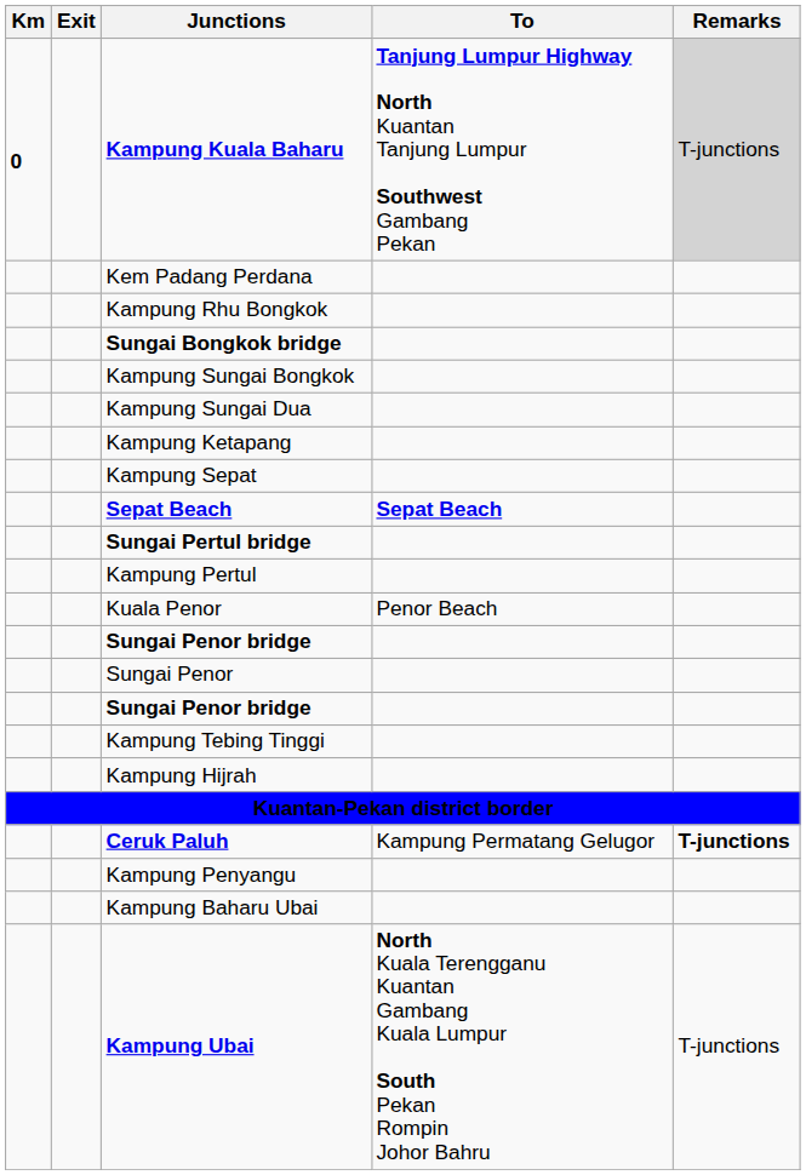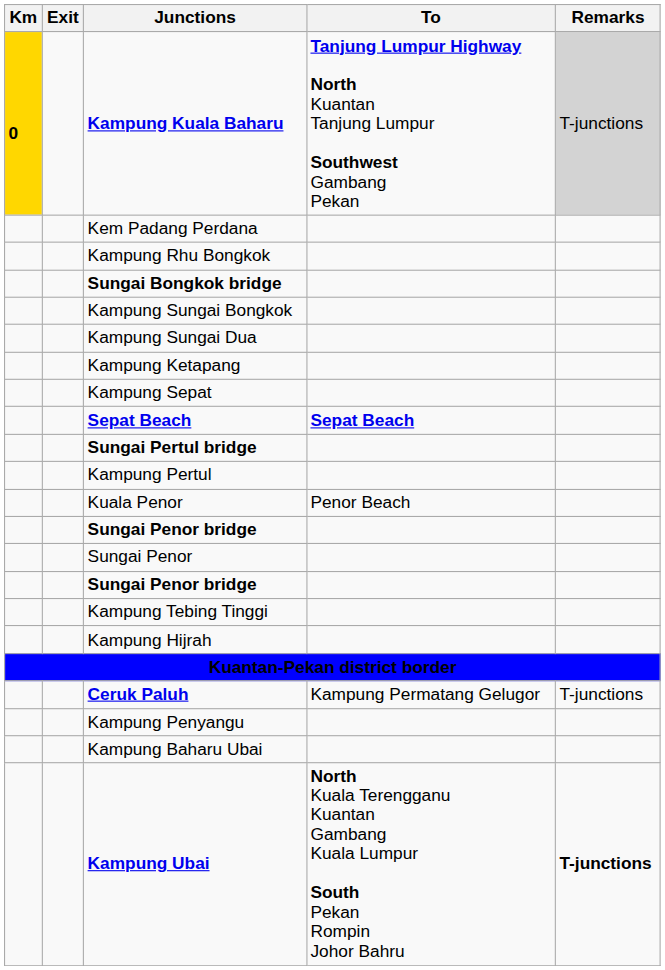 <table class="wikitable">
 <tr>
 <th>Km</th>
 <th>Exit</th>
 <th>Junctions</th>
 <th>To</th>
 <th>Remarks</th>
 </tr>
 <tr>
-<td><br><strong>0</strong></td>
+<td style="background: gold;"><br><strong>0</strong></td>
 <td></td>
 <td><strong><a href='#'>Kampung Kuala Baharu</a></strong></td>
 <td> <strong><a href='#'>Tanjung Lumpur Highway</a></strong><br><br><strong>North</strong><br>Kuantan<br>Tanjung Lumpur<br><br><strong>Southwest</strong><br>Gambang<br>Pekan</td>
 <td style="background: lightgrey;">T-junctions</td>
 </tr>
 <tr>
 <td></td>
 <td></td>
 <td>Kem Padang Perdana</td>
 <td></td>
 <td></td>
 </tr>
 <tr>
 <td></td>
 <td></td>
 <td>Kampung Rhu Bongkok</td>
 <td></td>
 <td></td>
 </tr>
 <tr>
 <td></td>
 <td></td>
 <td><strong>Sungai Bongkok bridge</strong></td>
 <td></td>
 <td></td>
 </tr>
 <tr>
 <td></td>
 <td></td>
 <td>Kampung Sungai Bongkok</td>
 <td></td>
 <td></td>
 </tr>
 <tr>
 <td></td>
 <td></td>
 <td>Kampung Sungai Dua</td>
 <td></td>
 <td></td>
 </tr>
 <tr>
 <td></td>
 <td></td>
 <td>Kampung Ketapang</td>
 <td></td>
 <td></td>
 </tr>
 <tr>
 <td></td>
 <td></td>
 <td>Kampung Sepat</td>
 <td></td>
 <td></td>
 </tr>
 <tr>
 <td></td>
 <td></td>
 <td><strong><a href='#'>Sepat Beach</a></strong></td>
 <td>  <strong><a href='#'>Sepat Beach</a></strong><br>  </td>
 <td></td>
 </tr>
 <tr>
 <td></td>
 <td></td>
 <td><strong>Sungai Pertul bridge</strong></td>
 <td></td>
 <td></td>
 </tr>
 <tr>
 <td></td>
 <td></td>
 <td>Kampung Pertul</td>
 <td></td>
 <td></td>
 </tr>
 <tr>
 <td></td>
 <td></td>
 <td>Kuala Penor</td>
 <td>Penor Beach<br>  </td>
 <td></td>
 </tr>
 <tr>
 <td></td>
 <td></td>
 <td><strong>Sungai Penor bridge</strong></td>
 <td></td>
 <td></td>
 </tr>
 <tr>
 <td></td>
 <td></td>
 <td>Sungai Penor</td>
 <td></td>
 <td></td>
 </tr>
 <tr>
 <td></td>
 <td></td>
 <td><strong>Sungai Penor bridge</strong></td>
 <td></td>
 <td></td>
 </tr>
 <tr>
 <td></td>
 <td></td>
 <td>Kampung Tebing Tinggi</td>
 <td></td>
 <td></td>
 </tr>
 <tr>
 <td></td>
 <td></td>
 <td>Kampung Hijrah</td>
 <td></td>
 <td></td>
 </tr>
 <tr>
 <td colspan="6" style="width:600px; text-align:center; background:blue;"><strong><span>Kuantan-Pekan district border</span></strong></td>
 </tr>
 <tr>
 <td></td>
 <td></td>
 <td><strong><a href='#'>Ceruk Paluh</a></strong></td>
 <td>Kampung Permatang Gelugor</td>
-<td><strong>T-junctions</strong></td>
+<td>T-junctions</td>
 </tr>
 <tr>
 <td></td>
 <td></td>
 <td>Kampung Penyangu</td>
 <td></td>
 <td></td>
 </tr>
 <tr>
 <td></td>
 <td></td>
 <td>Kampung Baharu Ubai</td>
 <td></td>
 <td></td>
 </tr>
 <tr>
 <td></td>
 <td></td>
 <td><strong><a href='#'>Kampung Ubai</a></strong></td>
 <td><strong>North</strong><br>  Kuala Terengganu<br>   Kuantan<br> Gambang<br>   Kuala Lumpur<br><br><strong>South</strong><br>  Pekan<br>  Rompin<br>  Johor Bahru</td>
-<td>T-junctions</td>
+<td><strong>T-junctions</strong></td>
 </tr>
 </table>
